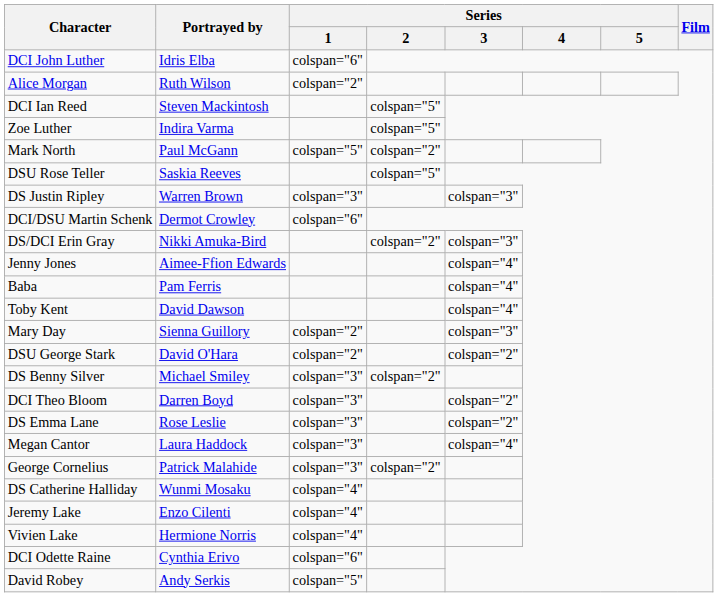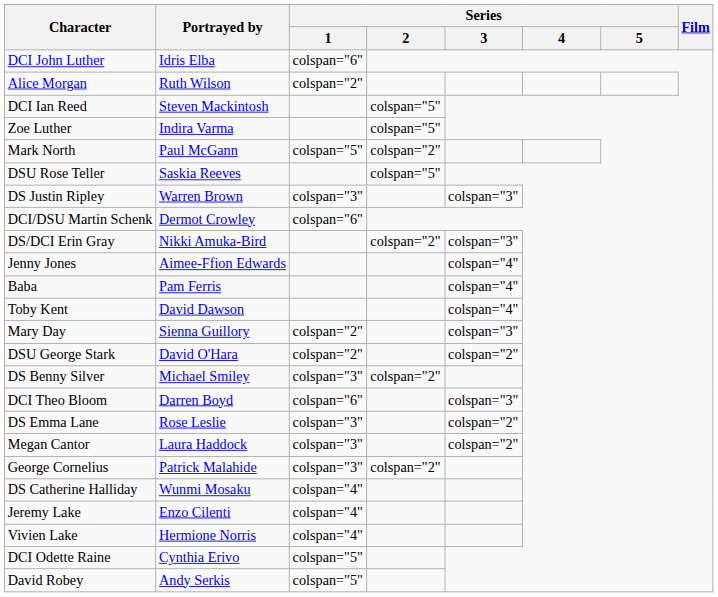 <table class="wikitable">
 <tr>
 <th rowspan="2">Character</th>
 <th rowspan=2>Portrayed by</th>
 <th colspan="5">Series</th>
 <th rowspan="2"><a href='#'>Film</a></th>
 </tr>
 <tr>
 <th width="80px">1</th>
 <th width="80px">2</th>
 <th width="80px">3</th>
 <th width="80px">4</th>
 <th width="80px">5</th>
 </tr>
 <tr>
 <td><a href='#'>DCI John Luther</a></td>
 <td><a href='#'>Idris Elba</a></td>
 <td>colspan="6" </td>
 </tr>
 <tr>
 <td><a href='#'>Alice Morgan</a></td>
 <td><a href='#'>Ruth Wilson</a></td>
 <td>colspan="2" </td>
 <td></td>
 <td></td>
 <td></td>
 <td></td>
 </tr>
 <tr>
 <td>DCI Ian Reed</td>
 <td><a href='#'>Steven Mackintosh</a></td>
 <td></td>
 <td>colspan="5" </td>
 </tr>
 <tr>
 <td>Zoe Luther</td>
 <td><a href='#'>Indira Varma</a></td>
 <td></td>
 <td>colspan="5" </td>
 </tr>
 <tr>
 <td>Mark North</td>
 <td><a href='#'>Paul McGann</a></td>
 <td>colspan="5" </td>
 <td>colspan="2" </td>
 <td></td>
 <td></td>
 </tr>
 <tr>
 <td>DSU Rose Teller</td>
 <td><a href='#'>Saskia Reeves</a></td>
 <td></td>
 <td>colspan="5" </td>
 </tr>
 <tr>
 <td>DS Justin Ripley</td>
 <td><a href='#'>Warren Brown</a></td>
 <td>colspan="3" </td>
 <td></td>
 <td>colspan="3" </td>
 </tr>
 <tr>
 <td>DCI/DSU Martin Schenk</td>
 <td><a href='#'>Dermot Crowley</a></td>
 <td>colspan="6" </td>
 </tr>
 <tr>
 <td>DS/DCI Erin Gray</td>
 <td><a href='#'>Nikki Amuka-Bird</a></td>
 <td></td>
 <td>colspan="2" </td>
 <td>colspan="3" </td>
 </tr>
 <tr>
 <td>Jenny Jones</td>
 <td><a href='#'>Aimee-Ffion Edwards</a></td>
 <td></td>
 <td></td>
 <td>colspan="4" </td>
 </tr>
 <tr>
 <td>Baba</td>
 <td><a href='#'>Pam Ferris</a></td>
 <td></td>
 <td></td>
 <td>colspan="4" </td>
 </tr>
 <tr>
 <td>Toby Kent</td>
 <td><a href='#'>David Dawson</a></td>
 <td></td>
 <td></td>
 <td>colspan="4" </td>
 </tr>
 <tr>
 <td>Mary Day</td>
 <td><a href='#'>Sienna Guillory</a></td>
 <td>colspan="2" </td>
 <td></td>
 <td>colspan="3" </td>
 </tr>
 <tr>
 <td>DSU George Stark</td>
 <td><a href='#'>David O'Hara</a></td>
 <td>colspan="2" </td>
 <td></td>
 <td>colspan="2" </td>
 </tr>
 <tr>
 <td>DS Benny Silver</td>
 <td><a href='#'>Michael Smiley</a></td>
 <td>colspan="3" </td>
 <td>colspan="2" </td>
 <td></td>
 </tr>
 <tr>
 <td>DCI Theo Bloom</td>
 <td><a href='#'>Darren Boyd</a></td>
+<td>colspan="6" </td>
+<td></td>
 <td>colspan="3" </td>
-<td></td>
-<td>colspan="2" </td>
 </tr>
 <tr>
 <td>DS Emma Lane</td>
 <td><a href='#'>Rose Leslie</a></td>
 <td>colspan="3" </td>
 <td></td>
 <td>colspan="2" </td>
 </tr>
 <tr>
 <td>Megan Cantor</td>
 <td><a href='#'>Laura Haddock</a></td>
 <td>colspan="3" </td>
 <td></td>
-<td>colspan="4" </td>
+<td>colspan="2" </td>
 </tr>
 <tr>
 <td>George Cornelius</td>
 <td><a href='#'>Patrick Malahide</a></td>
 <td>colspan="3" </td>
 <td>colspan="2" </td>
 <td></td>
 </tr>
 <tr>
 <td>DS Catherine Halliday</td>
 <td><a href='#'>Wunmi Mosaku</a></td>
 <td>colspan="4" </td>
 <td></td>
 <td></td>
 </tr>
 <tr>
 <td>Jeremy Lake</td>
 <td><a href='#'>Enzo Cilenti</a></td>
 <td>colspan="4" </td>
 <td></td>
 <td></td>
 </tr>
 <tr>
 <td>Vivien Lake</td>
 <td><a href='#'>Hermione Norris</a></td>
 <td>colspan="4" </td>
 <td></td>
 <td></td>
 </tr>
 <tr>
 <td>DCI Odette Raine</td>
 <td><a href='#'>Cynthia Erivo</a></td>
-<td>colspan="6" </td>
+<td>colspan="5" </td>
 <td></td>
 </tr>
 <tr>
 <td>David Robey</td>
 <td><a href='#'>Andy Serkis</a></td>
 <td>colspan="5" </td>
 <td></td>
 </tr>
 </table>
